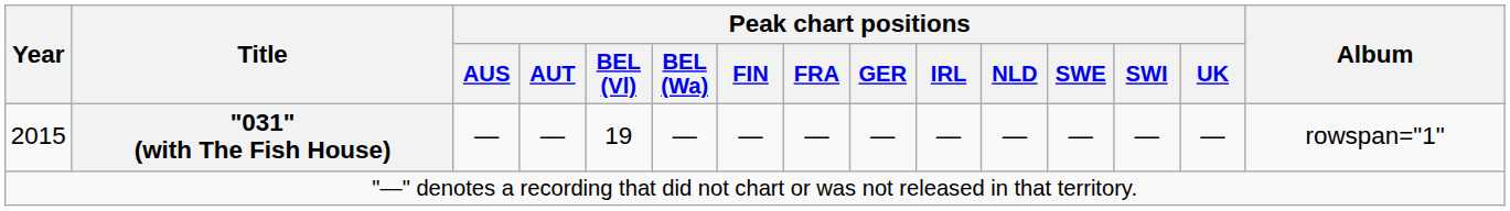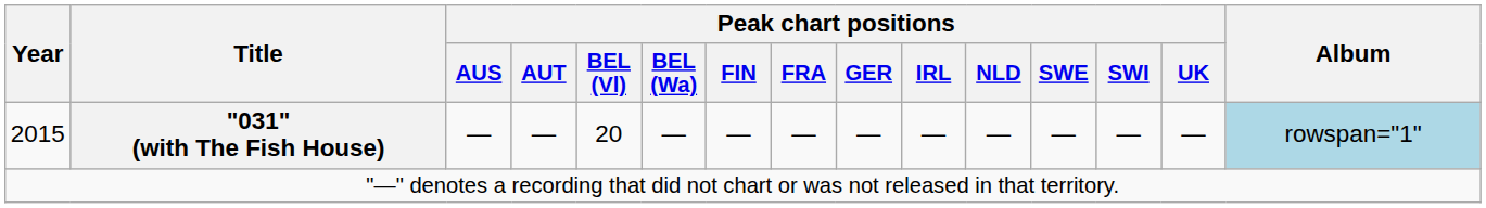 <table class="wikitable plainrowheaders" style="text-align:center;">
 <tr>
 <th scope="col" rowspan="2" style="width:1em;">Year</th>
 <th scope="col" rowspan="2" style="width:15em;">Title</th>
 <th scope="col" colspan="12">Peak chart positions</th>
 <th scope="col" rowspan="2" style="width:10em;">Album</th>
 </tr>
 <tr>
 <th scope="col" style="width:2.5em;font-size:90%;"><a href='#'>AUS</a><br></th>
 <th scope="col" style="width:2.5em;font-size:90%;"><a href='#'>AUT</a><br></th>
 <th scope="col" style="width:2.5em;font-size:90%;"><a href='#'>BEL (Vl)</a><br></th>
 <th scope="col" style="width:2.5em;font-size:90%;"><a href='#'>BEL (Wa)</a><br></th>
 <th scope="col" style="width:2.5em;font-size:90%;"><a href='#'>FIN</a><br></th>
 <th scope="col" style="width:2.5em;font-size:90%;"><a href='#'>FRA</a><br></th>
 <th scope="col" style="width:2.5em;font-size:90%;"><a href='#'>GER</a><br></th>
 <th scope="col" style="width:2.5em;font-size:90%;"><a href='#'>IRL</a><br></th>
 <th scope="col" style="width:2.5em;font-size:90%;"><a href='#'>NLD</a><br></th>
 <th scope="col" style="width:2.5em;font-size:90%;"><a href='#'>SWE</a><br></th>
 <th scope="col" style="width:2.5em;font-size:90%;"><a href='#'>SWI</a><br></th>
 <th scope="col" style="width:2.5em;font-size:90%;"><a href='#'>UK</a><br></th>
 </tr>
 <tr>
 <td rowspan="1">2015</td>
 <th scope="row">"031" <br><span>(with The Fish House)</span></th>
 <td>—</td>
 <td>—</td>
-<td>19</td>
+<td>20</td>
 <td>—</td>
 <td>—</td>
 <td>—</td>
 <td>—</td>
 <td>—</td>
 <td>—</td>
 <td>—</td>
 <td>—</td>
 <td>—</td>
-<td>rowspan="1" </td>
+<td style="background: lightblue;">rowspan="1" </td>
 </tr>
 <tr>
 <td colspan="16" style="font-size:90%">"—" denotes a recording that did not chart or was not released in that territory.</td>
 </tr>
 </table>
